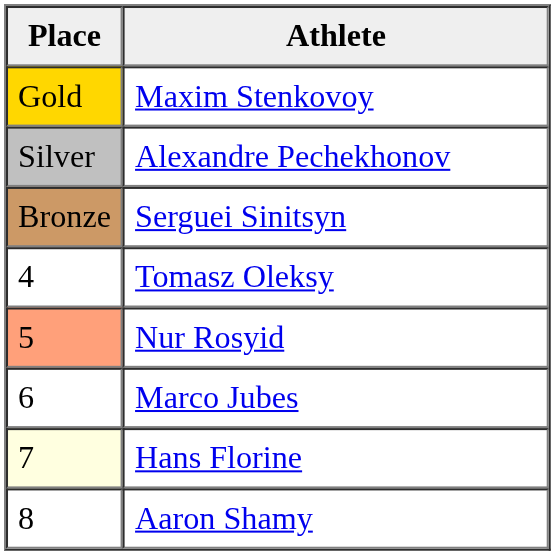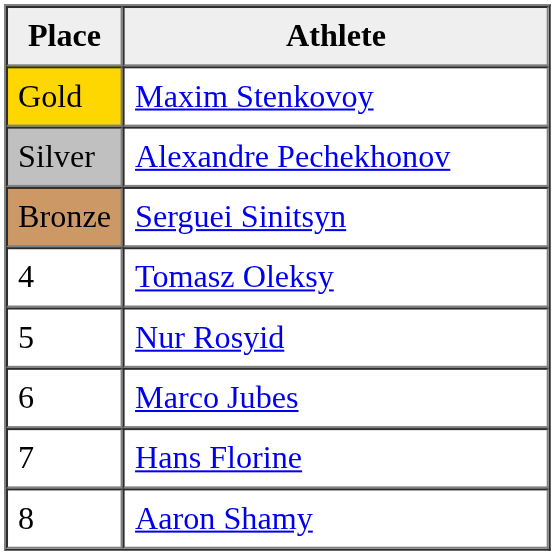 <table border=1 cellpadding=5 cellspacing=0>
 <tr>
 <th style="background:#efefef;" width="20">Place</th>
 <th style="background:#efefef;" width="200">Athlete</th>
 </tr>
 <tr align=left>
 <td style="background:gold;">Gold</td>
 <td><a href='#'>Maxim Stenkovoy</a></td>
 </tr>
 <tr align=left>
 <td style="background:silver;">Silver</td>
 <td><a href='#'>Alexandre Pechekhonov</a></td>
 </tr>
 <tr align=left>
 <td style="background:#CC9966;">Bronze</td>
 <td><a href='#'>Serguei Sinitsyn</a></td>
 </tr>
 <tr align=left>
 <td>4</td>
 <td><a href='#'>Tomasz Oleksy</a></td>
 </tr>
 <tr align=left>
-<td style="background: lightsalmon;">5</td>
+<td>5</td>
 <td><a href='#'>Nur Rosyid</a></td>
 </tr>
 <tr align=left>
 <td>6</td>
 <td><a href='#'>Marco Jubes</a></td>
 </tr>
 <tr align=left>
-<td style="background: lightyellow;">7</td>
+<td>7</td>
 <td><a href='#'>Hans Florine</a></td>
 </tr>
 <tr align=left>
 <td>8</td>
 <td><a href='#'>Aaron Shamy</a></td>
 </tr>
 </table>
